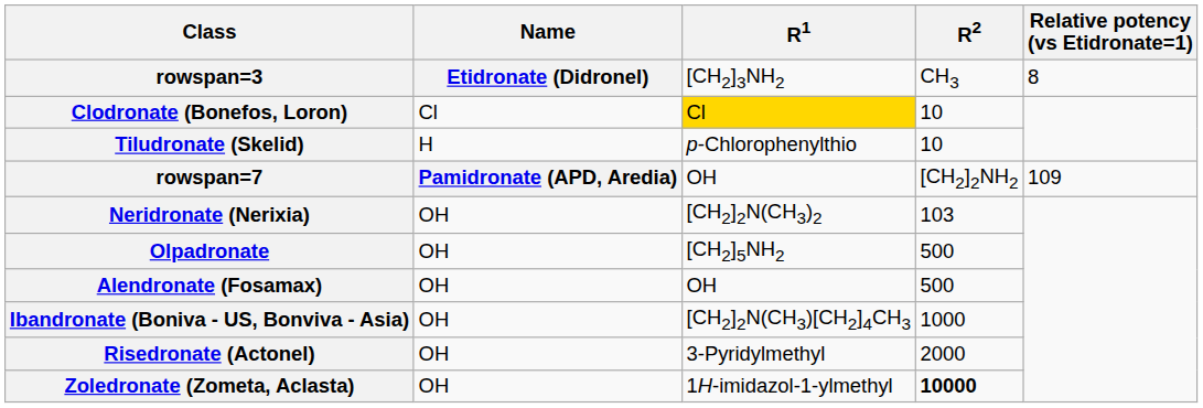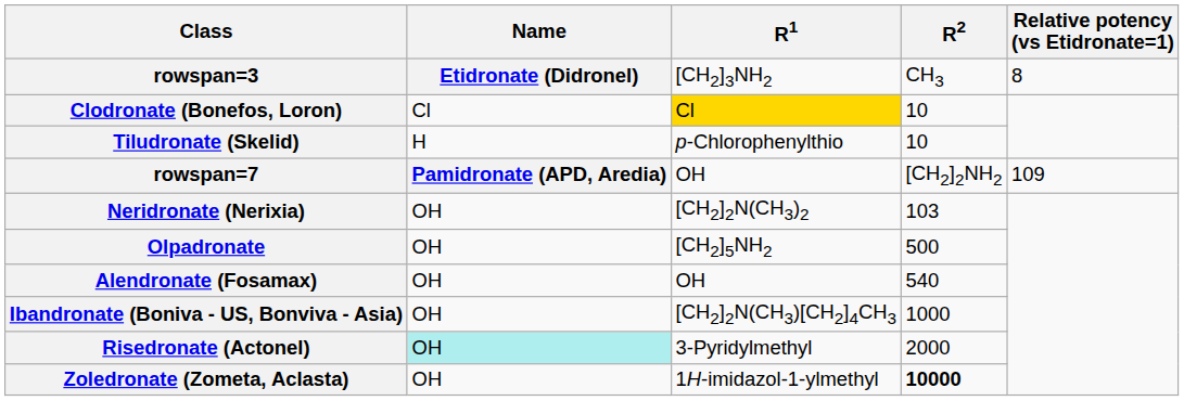 <table class=wikitable>
 <tr>
 <th>Class</th>
 <th>Name</th>
 <th>R<sup>1</sup></th>
 <th>R<sup>2</sup></th>
 <th>Relative potency<br>(vs Etidronate=1)</th>
 </tr>
 <tr>
 <th>rowspan=3 </th>
 <th><a href='#'>Etidronate</a> (Didronel)</th>
 <td>[CH<sub>2</sub>]<sub>3</sub>NH<sub>2</sub></td>
 <td>CH<sub>3</sub></td>
 <td>8</td>
 </tr>
 <tr>
 <th><a href='#'>Clodronate</a> (Bonefos, Loron)</th>
 <td>Cl</td>
 <td style="background: gold;">Cl</td>
 <td>10</td>
 </tr>
 <tr>
 <th><a href='#'>Tiludronate</a> (Skelid)</th>
 <td>H</td>
 <td><em>p</em>-Chlorophenylthio</td>
 <td>10</td>
 </tr>
 <tr>
 <th>rowspan=7 </th>
 <th><a href='#'>Pamidronate</a> (APD, Aredia)</th>
 <td>OH</td>
 <td>[CH<sub>2</sub>]<sub>2</sub>NH<sub>2</sub></td>
 <td>109</td>
 </tr>
 <tr>
 <th><a href='#'>Neridronate</a> (Nerixia)</th>
 <td>OH</td>
 <td>[CH<sub>2</sub>]<sub>2</sub>N(CH<sub>3</sub>)<sub>2</sub></td>
 <td>103</td>
 </tr>
 <tr>
 <th><a href='#'>Olpadronate</a></th>
 <td>OH</td>
 <td>[CH<sub>2</sub>]<sub>5</sub>NH<sub>2</sub></td>
 <td>500</td>
 </tr>
 <tr>
 <th><a href='#'>Alendronate</a> (Fosamax)</th>
 <td>OH</td>
 <td>OH</td>
-<td>500</td>
+<td>540</td>
 </tr>
 <tr>
 <th><a href='#'>Ibandronate</a> (Boniva - US, Bonviva - Asia)</th>
 <td>OH</td>
 <td>[CH<sub>2</sub>]<sub>2</sub>N(CH<sub>3</sub>)[CH<sub>2</sub>]<sub>4</sub>CH<sub>3</sub></td>
 <td>1000</td>
 </tr>
 <tr>
 <th><a href='#'>Risedronate</a> (Actonel)</th>
-<td>OH</td>
+<td style="background: paleturquoise;">OH</td>
 <td>3-Pyridylmethyl</td>
 <td>2000</td>
 </tr>
 <tr>
 <th><a href='#'>Zoledronate</a> (Zometa, Aclasta)</th>
 <td>OH</td>
 <td>1<em>H</em>-imidazol-1-ylmethyl</td>
 <td><strong>10000</strong></td>
 </tr>
 </table>
